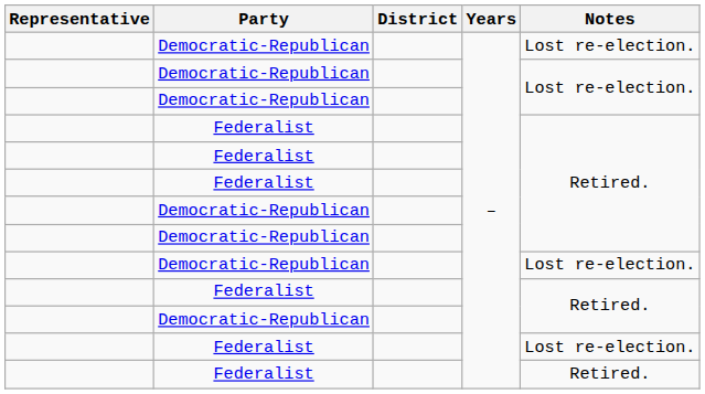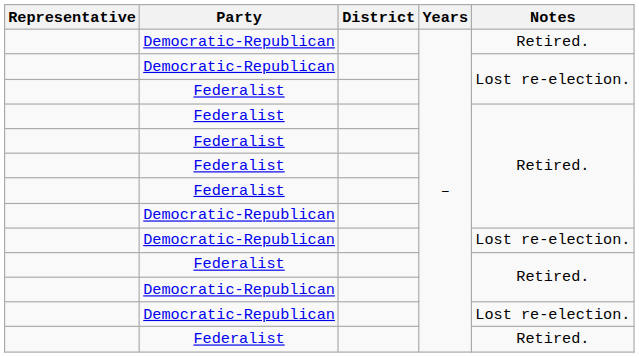 <table class="wikitable sortable" style="text-align:center">
 <tr valign=bottom>
 <th>Representative</th>
 <th>Party</th>
 <th>District</th>
 <th>Years</th>
 <th>Notes</th>
 </tr>
 <tr>
 <td align=left></td>
 <td><a href='#'>Democratic-Republican</a></td>
 <td></td>
 <td rowspan="13" nowrap=""> –<br></td>
-<td>Lost re-election.</td>
+<td>Retired.</td>
 </tr>
 <tr>
 <td align=left></td>
 <td><a href='#'>Democratic-Republican</a></td>
 <td></td>
 <td rowspan="2">Lost re-election.</td>
 </tr>
 <tr>
 <td align=left></td>
-<td><a href='#'>Democratic-Republican</a></td>
+<td><a href='#'>Federalist</a></td>
 <td></td>
 </tr>
 <tr>
 <td align=left></td>
 <td><a href='#'>Federalist</a></td>
 <td></td>
 <td rowspan="5">Retired.</td>
 </tr>
 <tr>
 <td align=left></td>
 <td><a href='#'>Federalist</a></td>
 <td></td>
 </tr>
 <tr>
 <td align=left></td>
 <td><a href='#'>Federalist</a></td>
 <td></td>
 </tr>
 <tr>
 <td align=left></td>
-<td><a href='#'>Democratic-Republican</a></td>
+<td><a href='#'>Federalist</a></td>
 <td></td>
 </tr>
 <tr>
 <td align=left></td>
 <td><a href='#'>Democratic-Republican</a></td>
 <td></td>
 </tr>
 <tr>
 <td align=left></td>
 <td><a href='#'>Democratic-Republican</a></td>
 <td></td>
 <td>Lost re-election.</td>
 </tr>
 <tr>
 <td align=left></td>
 <td><a href='#'>Federalist</a></td>
 <td></td>
 <td rowspan="2">Retired.</td>
 </tr>
 <tr>
 <td align=left></td>
 <td><a href='#'>Democratic-Republican</a></td>
 <td></td>
 </tr>
 <tr>
 <td align=left></td>
-<td><a href='#'>Federalist</a></td>
+<td><a href='#'>Democratic-Republican</a></td>
 <td></td>
 <td>Lost re-election.</td>
 </tr>
 <tr>
 <td align=left></td>
 <td><a href='#'>Federalist</a></td>
 <td></td>
 <td>Retired.</td>
 </tr>
 </table>
